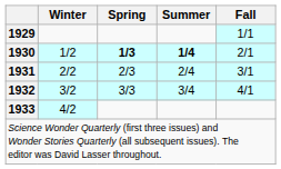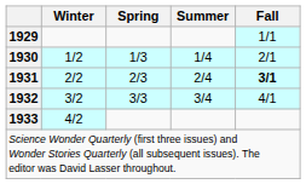 <table class="wikitable" style="font-size: 10pt; line-height: 11pt; margin-left: 2em; text-align: center; float: right">
 <tr>
 <th></th>
 <th>Winter</th>
 <th>Spring</th>
 <th>Summer</th>
 <th>Fall</th>
 </tr>
 <tr>
 <th>1929</th>
 <td></td>
 <td></td>
 <td></td>
 <td bgcolor=#ccffff>1/1</td>
 </tr>
 <tr>
 <th style="width:12%;">1930</th>
 <td style="width:22%;" bgcolor=#ccffff>1/2</td>
-<td style="width:22%;" bgcolor=#ccffff><strong>1/3</strong></td>
-<td style="width:22%;" bgcolor=#ccffff><strong>1/4</strong></td>
+<td style="width:22%;" bgcolor=#ccffff>1/3</td>
+<td style="width:22%;" bgcolor=#ccffff>1/4</td>
 <td style="width:22%;" bgcolor=#ccffff>2/1</td>
 </tr>
 <tr>
 <th>1931</th>
 <td bgcolor=#ccffff>2/2</td>
 <td bgcolor=#ccffff>2/3</td>
 <td bgcolor=#ccffff>2/4</td>
-<td bgcolor=#ccffff>3/1</td>
+<td bgcolor=#ccffff><strong>3/1</strong></td>
 </tr>
 <tr>
 <th>1932</th>
 <td bgcolor=#ccffff>3/2</td>
 <td bgcolor=#ccffff>3/3</td>
 <td bgcolor=#ccffff>3/4</td>
 <td bgcolor=#ccffff>4/1</td>
 </tr>
 <tr>
 <th>1933</th>
 <td bgcolor=#ccffff>4/2</td>
 <td></td>
 <td></td>
 <td></td>
 </tr>
 <tr>
 <td colspan="13" style=" width:100%; font-size: 8pt; text-align:left"><em>Science Wonder Quarterly</em> (first three issues) and<br><em>Wonder Stories Quarterly</em> (all subsequent issues).  The<br>editor was David Lasser throughout.</td>
 </tr>
 </table>
